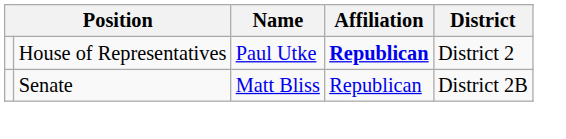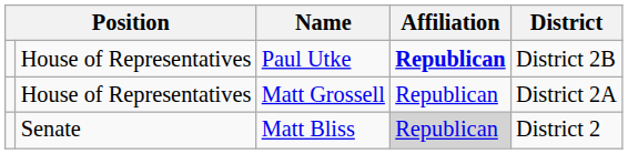 <table class="wikitable">
 <tr>
 <th colspan="2">Position</th>
 <th>Name</th>
 <th>Affiliation</th>
 <th>District</th>
 </tr>
 <tr>
 <td style="background-color:"></td>
 <td>House of Representatives</td>
 <td><a href='#'>Paul Utke</a></td>
 <td><strong><a href='#'>Republican</a></strong></td>
-<td>District 2</td>
+<td>District 2B</td>
+</tr>
+<tr>
+<td style="background-color:"></td>
+<td>House of Representatives</td>
+<td><a href='#'>Matt Grossell</a></td>
+<td><a href='#'>Republican</a></td>
+<td>District 2A</td>
 </tr>
 <tr>
 <td style="background-color:"></td>
 <td>Senate</td>
 <td><a href='#'>Matt Bliss</a></td>
-<td><a href='#'>Republican</a></td>
-<td>District 2B</td>
+<td style="background: lightgrey;"><a href='#'>Republican</a></td>
+<td>District 2</td>
 </tr>
 </table>
